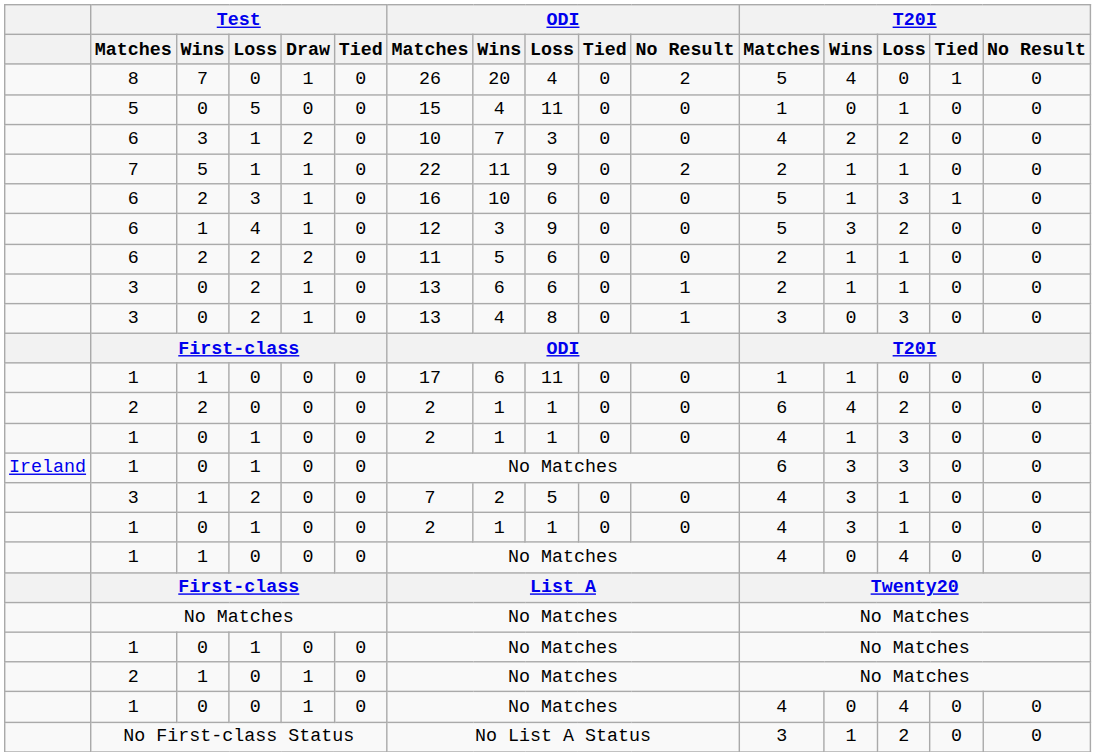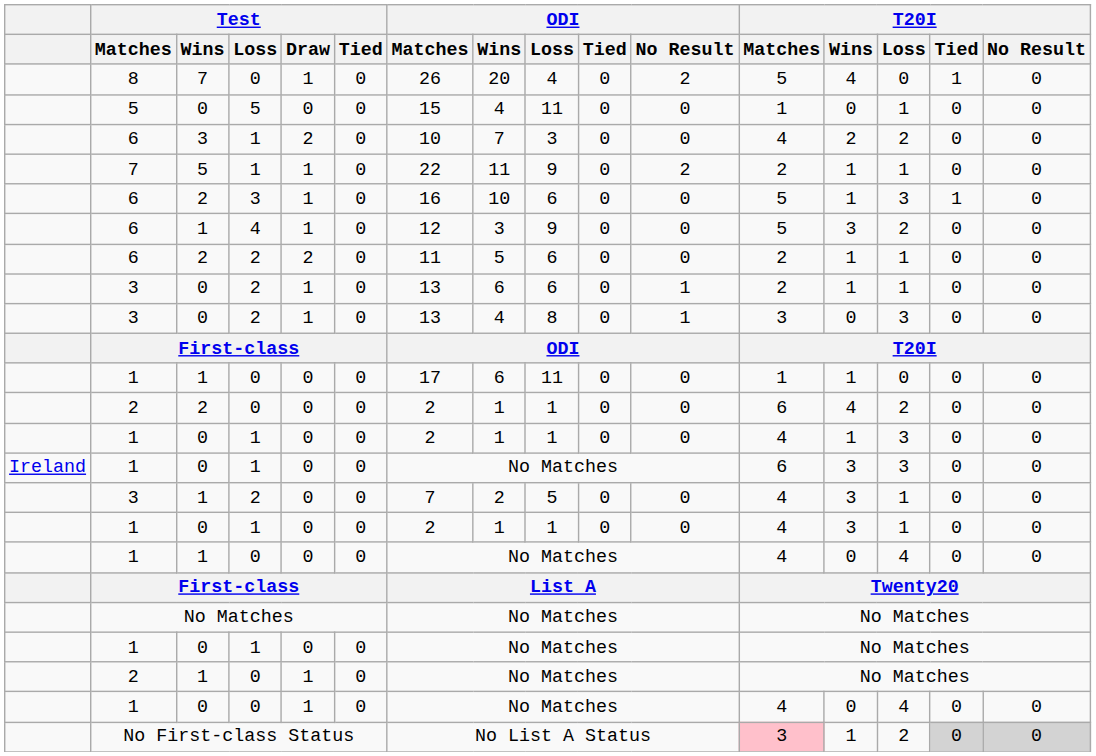 <table class="wikitable" style="text-align:center">
 <tr>
 <th></th>
 <th colspan=5!><a href='#'>Test</a></th>
 <th colspan=5!><a href='#'>ODI</a></th>
 <th colspan=5!><a href='#'>T20I</a></th>
 </tr>
 <tr>
 <th></th>
 <th>Matches</th>
 <th>Wins</th>
 <th>Loss</th>
 <th>Draw</th>
 <th>Tied</th>
 <th>Matches</th>
 <th>Wins</th>
 <th>Loss</th>
 <th>Tied</th>
 <th>No Result</th>
 <th>Matches</th>
 <th>Wins</th>
 <th>Loss</th>
 <th>Tied</th>
 <th>No Result</th>
 </tr>
 <tr>
 <td align="left"></td>
 <td>8</td>
 <td>7</td>
 <td>0</td>
 <td>1</td>
 <td>0</td>
 <td>26</td>
 <td>20</td>
 <td>4</td>
 <td>0</td>
 <td>2</td>
 <td>5</td>
 <td>4</td>
 <td>0</td>
 <td>1</td>
 <td>0</td>
 </tr>
 <tr>
 <td align="left"></td>
 <td>5</td>
 <td>0</td>
 <td>5</td>
 <td>0</td>
 <td>0</td>
 <td>15</td>
 <td>4</td>
 <td>11</td>
 <td>0</td>
 <td>0</td>
 <td>1</td>
 <td>0</td>
 <td>1</td>
 <td>0</td>
 <td>0</td>
 </tr>
 <tr>
 <td align="left"></td>
 <td>6</td>
 <td>3</td>
 <td>1</td>
 <td>2</td>
 <td>0</td>
 <td>10</td>
 <td>7</td>
 <td>3</td>
 <td>0</td>
 <td>0</td>
 <td>4</td>
 <td>2</td>
 <td>2</td>
 <td>0</td>
 <td>0</td>
 </tr>
 <tr>
 <td align="left"></td>
 <td>7</td>
 <td>5</td>
 <td>1</td>
 <td>1</td>
 <td>0</td>
 <td>22</td>
 <td>11</td>
 <td>9</td>
 <td>0</td>
 <td>2</td>
 <td>2</td>
 <td>1</td>
 <td>1</td>
 <td>0</td>
 <td>0</td>
 </tr>
 <tr>
 <td align="left"></td>
 <td>6</td>
 <td>2</td>
 <td>3</td>
 <td>1</td>
 <td>0</td>
 <td>16</td>
 <td>10</td>
 <td>6</td>
 <td>0</td>
 <td>0</td>
 <td>5</td>
 <td>1</td>
 <td>3</td>
 <td>1</td>
 <td>0</td>
 </tr>
 <tr>
 <td align="left"></td>
 <td>6</td>
 <td>1</td>
 <td>4</td>
 <td>1</td>
 <td>0</td>
 <td>12</td>
 <td>3</td>
 <td>9</td>
 <td>0</td>
 <td>0</td>
 <td>5</td>
 <td>3</td>
 <td>2</td>
 <td>0</td>
 <td>0</td>
 </tr>
 <tr>
 <td align="left"></td>
 <td>6</td>
 <td>2</td>
 <td>2</td>
 <td>2</td>
 <td>0</td>
 <td>11</td>
 <td>5</td>
 <td>6</td>
 <td>0</td>
 <td>0</td>
 <td>2</td>
 <td>1</td>
 <td>1</td>
 <td>0</td>
 <td>0</td>
 </tr>
 <tr>
 <td align="left"></td>
 <td>3</td>
 <td>0</td>
 <td>2</td>
 <td>1</td>
 <td>0</td>
 <td>13</td>
 <td>6</td>
 <td>6</td>
 <td>0</td>
 <td>1</td>
 <td>2</td>
 <td>1</td>
 <td>1</td>
 <td>0</td>
 <td>0</td>
 </tr>
 <tr>
 <td align="left"></td>
 <td>3</td>
 <td>0</td>
 <td>2</td>
 <td>1</td>
 <td>0</td>
 <td>13</td>
 <td>4</td>
 <td>8</td>
 <td>0</td>
 <td>1</td>
 <td>3</td>
 <td>0</td>
 <td>3</td>
 <td>0</td>
 <td>0</td>
 </tr>
 <tr>
 <th></th>
 <th colspan=5!><a href='#'>First-class</a></th>
 <th colspan=5!><a href='#'>ODI</a></th>
 <th colspan=5!><a href='#'>T20I</a></th>
 </tr>
 <tr>
 <td align="left"></td>
 <td>1</td>
 <td>1</td>
 <td>0</td>
 <td>0</td>
 <td>0</td>
 <td>17</td>
 <td>6</td>
 <td>11</td>
 <td>0</td>
 <td>0</td>
 <td>1</td>
 <td>1</td>
 <td>0</td>
 <td>0</td>
 <td>0</td>
 </tr>
 <tr>
 <td align="left"></td>
 <td>2</td>
 <td>2</td>
 <td>0</td>
 <td>0</td>
 <td>0</td>
 <td>2</td>
 <td>1</td>
 <td>1</td>
 <td>0</td>
 <td>0</td>
 <td>6</td>
 <td>4</td>
 <td>2</td>
 <td>0</td>
 <td>0</td>
 </tr>
 <tr>
 <td align="left"></td>
 <td>1</td>
 <td>0</td>
 <td>1</td>
 <td>0</td>
 <td>0</td>
 <td>2</td>
 <td>1</td>
 <td>1</td>
 <td>0</td>
 <td>0</td>
 <td>4</td>
 <td>1</td>
 <td>3</td>
 <td>0</td>
 <td>0</td>
 </tr>
 <tr>
 <td align="left"> <a href='#'>Ireland</a></td>
 <td>1</td>
 <td>0</td>
 <td>1</td>
 <td>0</td>
 <td>0</td>
 <td colspan=5>No Matches</td>
 <td>6</td>
 <td>3</td>
 <td>3</td>
 <td>0</td>
 <td>0</td>
 </tr>
 <tr>
 <td align="left"></td>
 <td>3</td>
 <td>1</td>
 <td>2</td>
 <td>0</td>
 <td>0</td>
 <td>7</td>
 <td>2</td>
 <td>5</td>
 <td>0</td>
 <td>0</td>
 <td>4</td>
 <td>3</td>
 <td>1</td>
 <td>0</td>
 <td>0</td>
 </tr>
 <tr>
 <td align="left"></td>
 <td>1</td>
 <td>0</td>
 <td>1</td>
 <td>0</td>
 <td>0</td>
 <td>2</td>
 <td>1</td>
 <td>1</td>
 <td>0</td>
 <td>0</td>
 <td>4</td>
 <td>3</td>
 <td>1</td>
 <td>0</td>
 <td>0</td>
 </tr>
 <tr>
 <td align="left"></td>
 <td>1</td>
 <td>1</td>
 <td>0</td>
 <td>0</td>
 <td>0</td>
 <td colspan=5>No Matches</td>
 <td>4</td>
 <td>0</td>
 <td>4</td>
 <td>0</td>
 <td>0</td>
 </tr>
 <tr>
 <th></th>
 <th colspan=5!><a href='#'>First-class</a></th>
 <th colspan=5!><a href='#'>List A</a></th>
 <th colspan=5!><a href='#'>Twenty20</a></th>
 </tr>
 <tr>
 <td align="left"></td>
 <td colspan=5>No Matches</td>
 <td colspan=5>No Matches</td>
 <td colspan=5>No Matches</td>
 </tr>
 <tr>
 <td align="left"></td>
 <td>1</td>
 <td>0</td>
 <td>1</td>
 <td>0</td>
 <td>0</td>
 <td colspan=5>No Matches</td>
 <td colspan=5>No Matches</td>
 </tr>
 <tr>
 <td align="left"></td>
 <td>2</td>
 <td>1</td>
 <td>0</td>
 <td>1</td>
 <td>0</td>
 <td colspan=5>No Matches</td>
 <td colspan=5>No Matches</td>
 </tr>
 <tr>
 <td align="left"></td>
 <td>1</td>
 <td>0</td>
 <td>0</td>
 <td>1</td>
 <td>0</td>
 <td colspan=5>No Matches</td>
 <td>4</td>
 <td>0</td>
 <td>4</td>
 <td>0</td>
 <td>0</td>
 </tr>
 <tr>
 <td align="left"></td>
 <td colspan=5>No First-class Status</td>
 <td colspan=5>No List A Status</td>
-<td>3</td>
+<td style="background: pink;">3</td>
 <td>1</td>
 <td>2</td>
-<td>0</td>
-<td>0</td>
+<td style="background: lightgrey;">0</td>
+<td style="background: lightgrey;">0</td>
 </tr>
 </table>
